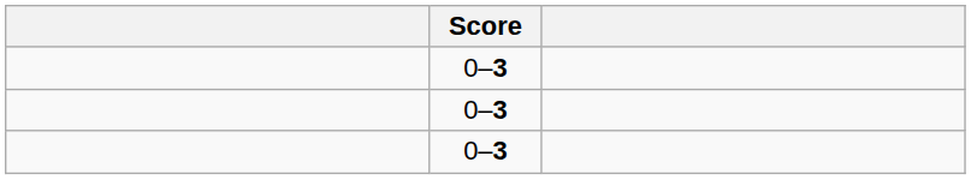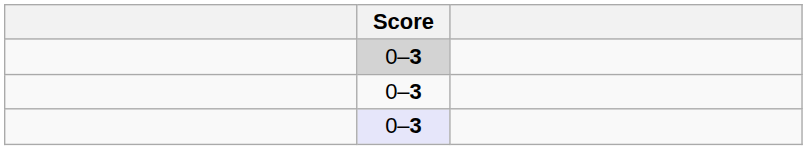 <table class="wikitable" style="text-align: center;">
 <tr>
 <th width=250></th>
 <th width=60>Score</th>
 <th width=250></th>
 </tr>
 <tr>
 <td align=left></td>
-<td>0–<strong>3</strong></td>
+<td style="background: lightgrey;">0–<strong>3</strong></td>
 <td align=left><strong></strong></td>
 </tr>
 <tr>
 <td align=left></td>
 <td>0–<strong>3</strong></td>
 <td align=left><strong></strong></td>
 </tr>
 <tr>
 <td align=left></td>
-<td>0–<strong>3</strong></td>
+<td style="background: lavender;">0–<strong>3</strong></td>
 <td align=left><strong></strong></td>
 </tr>
 </table>
